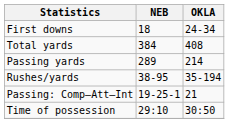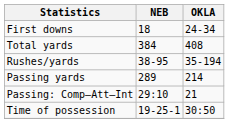 <table class="wikitable" style="float: left;">
 <tr>
 <th>Statistics</th>
 <th>NEB</th>
 <th>OKLA</th>
 </tr>
 <tr>
 <td>First downs</td>
 <td>18</td>
 <td>24-34</td>
 </tr>
 <tr>
 <td>Total yards</td>
 <td>384</td>
 <td>408</td>
 </tr>
 <tr>
+<td>Rushes/yards</td>
+<td>38-95</td>
+<td>35-194</td>
+</tr>
+<tr>
 <td>Passing yards</td>
 <td>289</td>
 <td>214</td>
 </tr>
 <tr>
-<td>Rushes/yards</td>
-<td>38-95</td>
-<td>35-194</td>
-</tr>
-<tr>
 <td>Passing: Comp–Att–Int</td>
-<td>19-25-1</td>
+<td>29:10</td>
 <td>21</td>
 </tr>
 <tr>
 <td>Time of possession</td>
-<td>29:10</td>
+<td>19-25-1</td>
 <td>30:50</td>
 </tr>
 <tr>
 </tr>
 </table>
